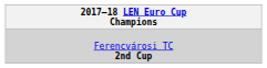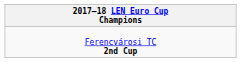 <table class="wikitable" style="margin: 0 auto; width: 30%;">
 <tr>
 <th>2017–18 <a href='#'>LEN Euro Cup</a><br>Champions</th>
 </tr>
 <tr>
-<td align=center style="background: lightgrey;"><br><a href='#'>Ferencvárosi TC</a><br><strong>2nd Cup</strong></td>
+<td align=center><br><a href='#'>Ferencvárosi TC</a><br><strong>2nd Cup</strong></td>
 </tr>
 </table>
